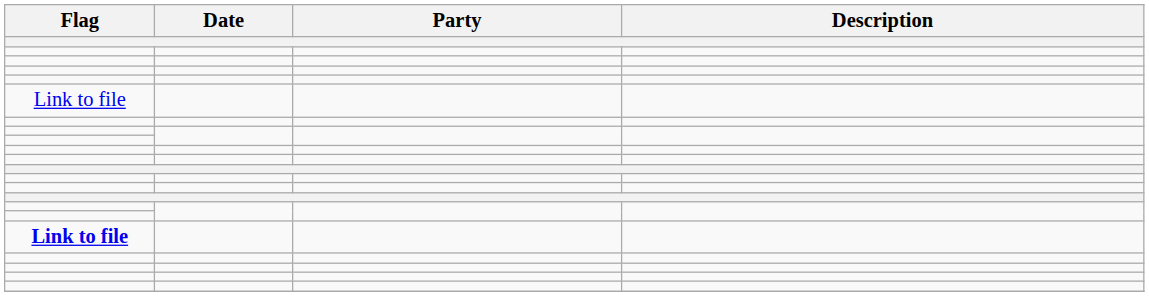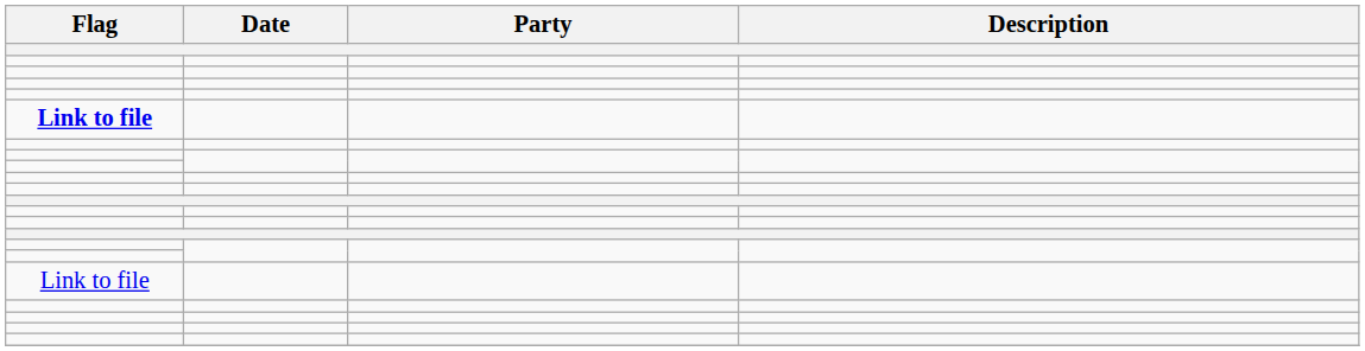 <table class="wikitable" style="background:#f9f9f9">
 <tr>
 <th width="110">Flag</th>
 <th width="100">Date</th>
 <th width="250">Party</th>
 <th width="400">Description</th>
 </tr>
 <tr>
 <th colspan="4"></th>
 </tr>
 <tr>
 <td></td>
 <td></td>
 <td></td>
 <td></td>
 </tr>
 <tr>
 <td></td>
 <td></td>
 <td></td>
 <td></td>
 </tr>
 <tr>
 <td></td>
 <td></td>
 <td></td>
 <td></td>
 </tr>
 <tr>
 <td></td>
 <td></td>
 <td></td>
 <td></td>
 </tr>
 <tr>
-<td style="text-align:center;"><a href='#'>Link to file</a></td>
+<td style="text-align:center;"><strong><a href='#'>Link to file</a></strong></td>
 <td></td>
 <td></td>
 <td></td>
 </tr>
 <tr>
 <td></td>
 <td></td>
 <td></td>
 <td></td>
 </tr>
 <tr>
 <td></td>
 <td rowspan="2"></td>
 <td rowspan="2"></td>
 <td rowspan="2"></td>
 </tr>
 <tr>
 <td></td>
 </tr>
 <tr>
 <td></td>
 <td></td>
 <td></td>
 <td></td>
 </tr>
 <tr>
 <td></td>
 <td></td>
 <td></td>
 <td></td>
 </tr>
 <tr>
 <th colspan="4"></th>
 </tr>
 <tr>
 <td></td>
 <td></td>
 <td></td>
 <td></td>
 </tr>
 <tr>
 <td></td>
 <td></td>
 <td></td>
 <td></td>
 </tr>
 <tr>
 <th colspan="4"></th>
 </tr>
 <tr>
 <td></td>
 <td rowspan="2"></td>
 <td rowspan="2"></td>
 <td rowspan="2"></td>
 </tr>
 <tr>
 <td></td>
 </tr>
 <tr>
-<td style="text-align:center;"><strong><a href='#'>Link to file</a></strong></td>
+<td style="text-align:center;"><a href='#'>Link to file</a></td>
 <td></td>
 <td></td>
 <td></td>
 </tr>
 <tr>
 <td></td>
 <td></td>
 <td></td>
 <td></td>
 </tr>
 <tr>
 <td></td>
 <td></td>
 <td></td>
 <td></td>
 </tr>
 <tr>
 <td></td>
 <td></td>
 <td></td>
 <td></td>
 </tr>
 <tr>
 <td></td>
 <td></td>
 <td></td>
 <td></td>
 </tr>
 <tr>
 </tr>
 </table>
